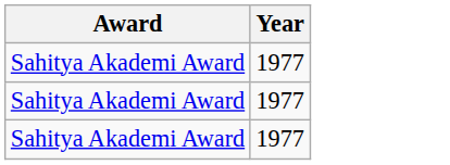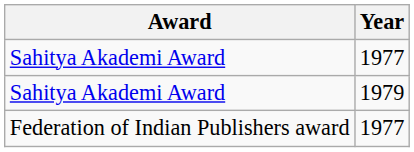 <table class="wikitable">
 <tr>
 <th>Award</th>
 <th>Year</th>
 </tr>
 <tr>
 <td><a href='#'>Sahitya Akademi Award</a></td>
 <td>1977</td>
 </tr>
 <tr>
 <td><a href='#'>Sahitya Akademi Award</a></td>
-<td>1977</td>
+<td>1979</td>
 </tr>
 <tr>
-<td><a href='#'>Sahitya Akademi Award</a></td>
+<td>Federation of Indian Publishers award</td>
 <td>1977</td>
 </tr>
 </table>
